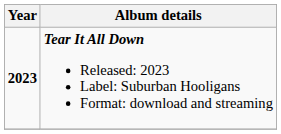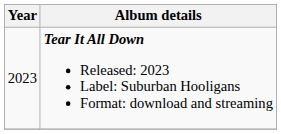 <table class ="wikitable">
 <tr>
 <th>Year</th>
 <th>Album details</th>
 </tr>
 <tr>
-<td><strong>2023</strong></td>
+<td>2023</td>
 <td><strong><em>Tear It All Down</em></strong><br><ul><li>Released: 2023</li><li>Label: Suburban Hooligans</li><li>Format: download and streaming</li></ul></td>
 </tr>
 <tr>
 </tr>
 </table>
